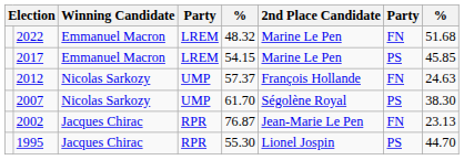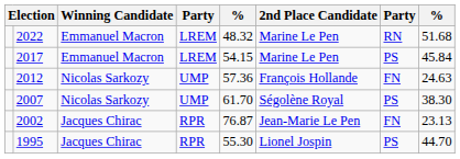 <table class="wikitable">
 <tr>
 <th colspan="2">Election</th>
 <th>Winning Candidate</th>
 <th>Party</th>
 <th>%</th>
 <th>2nd Place Candidate</th>
 <th>Party</th>
 <th>%</th>
 </tr>
 <tr>
 <td></td>
 <td><a href='#'>2022</a></td>
 <td><a href='#'>Emmanuel Macron</a></td>
 <td><a href='#'>LREM</a></td>
 <td>48.32</td>
 <td><a href='#'>Marine Le Pen</a></td>
-<td><a href='#'>FN</a></td>
+<td><a href='#'>RN</a></td>
 <td>51.68</td>
 </tr>
 <tr>
 <td style="background-color: "></td>
 <td><a href='#'>2017</a></td>
 <td><a href='#'>Emmanuel Macron</a></td>
 <td><a href='#'>LREM</a></td>
 <td>54.15</td>
 <td><a href='#'>Marine Le Pen</a></td>
 <td><a href='#'>PS</a></td>
-<td>45.85</td>
+<td>45.84</td>
 </tr>
 <tr>
 <td style="background-color: "></td>
 <td><a href='#'>2012</a></td>
 <td><a href='#'>Nicolas Sarkozy</a></td>
 <td><a href='#'>UMP</a></td>
-<td>57.37</td>
+<td>57.36</td>
 <td><a href='#'>François Hollande</a></td>
 <td><a href='#'>FN</a></td>
 <td>24.63</td>
 </tr>
 <tr>
 <td style="background-color: "></td>
 <td><a href='#'>2007</a></td>
 <td><a href='#'>Nicolas Sarkozy</a></td>
 <td><a href='#'>UMP</a></td>
 <td>61.70</td>
 <td><a href='#'>Ségolène Royal</a></td>
 <td><a href='#'>PS</a></td>
 <td>38.30</td>
 </tr>
 <tr>
 <td style="background-color: "></td>
 <td><a href='#'>2002</a></td>
 <td><a href='#'>Jacques Chirac</a></td>
 <td><a href='#'>RPR</a></td>
 <td>76.87</td>
 <td><a href='#'>Jean-Marie Le Pen</a></td>
 <td><a href='#'>FN</a></td>
 <td>23.13</td>
 </tr>
 <tr>
 <td style="background-color: "></td>
 <td><a href='#'>1995</a></td>
 <td><a href='#'>Jacques Chirac</a></td>
 <td><a href='#'>RPR</a></td>
 <td>55.30</td>
 <td><a href='#'>Lionel Jospin</a></td>
 <td><a href='#'>PS</a></td>
 <td>44.70</td>
 </tr>
 </table>
